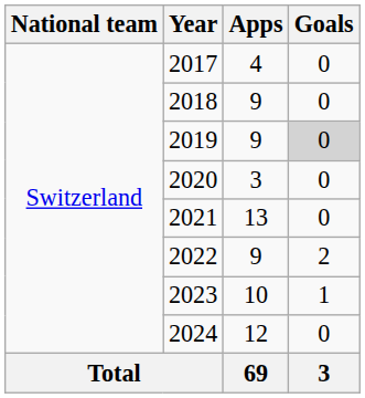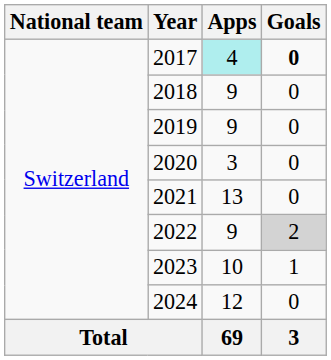 <table class="wikitable" style="text-align: center;">
 <tr>
 <th>National team</th>
 <th>Year</th>
 <th>Apps</th>
 <th>Goals</th>
 </tr>
 <tr>
 <td rowspan="8"><a href='#'>Switzerland</a></td>
 <td>2017</td>
-<td>4</td>
-<td>0</td>
+<td style="background: paleturquoise;">4</td>
+<td><strong>0</strong></td>
 </tr>
 <tr>
 <td>2018</td>
 <td>9</td>
 <td>0</td>
 </tr>
 <tr>
 <td>2019</td>
 <td>9</td>
-<td style="background: lightgrey;">0</td>
+<td>0</td>
 </tr>
 <tr>
 <td>2020</td>
 <td>3</td>
 <td>0</td>
 </tr>
 <tr>
 <td>2021</td>
 <td>13</td>
 <td>0</td>
 </tr>
 <tr>
 <td>2022</td>
 <td>9</td>
-<td>2</td>
+<td style="background: lightgrey;">2</td>
 </tr>
 <tr>
 <td>2023</td>
 <td>10</td>
 <td>1</td>
 </tr>
 <tr>
 <td>2024</td>
 <td>12</td>
 <td>0</td>
 </tr>
 <tr>
 <th colspan="2">Total</th>
 <th>69</th>
 <th>3</th>
 </tr>
 </table>
